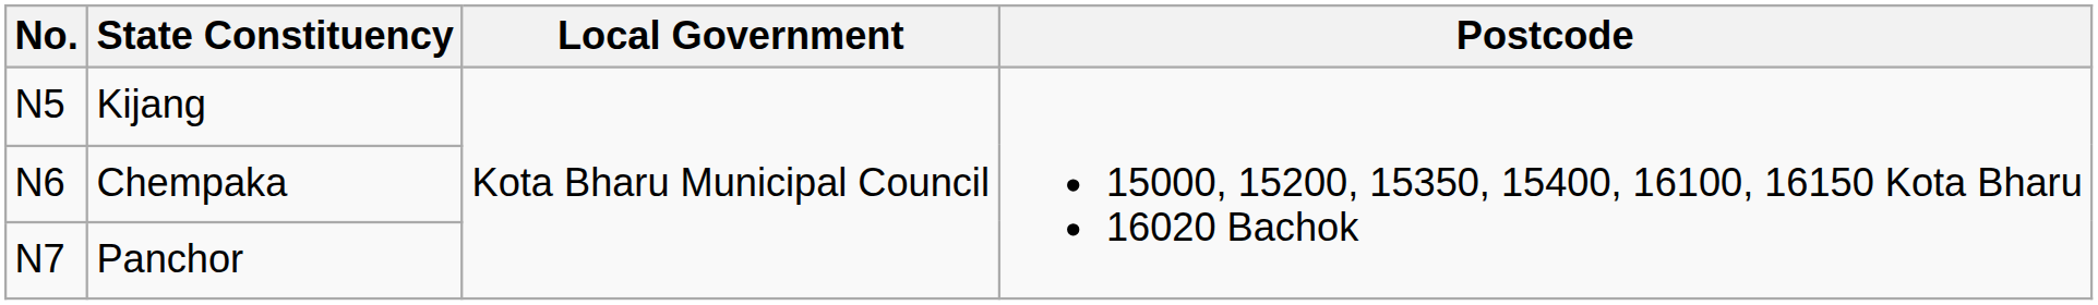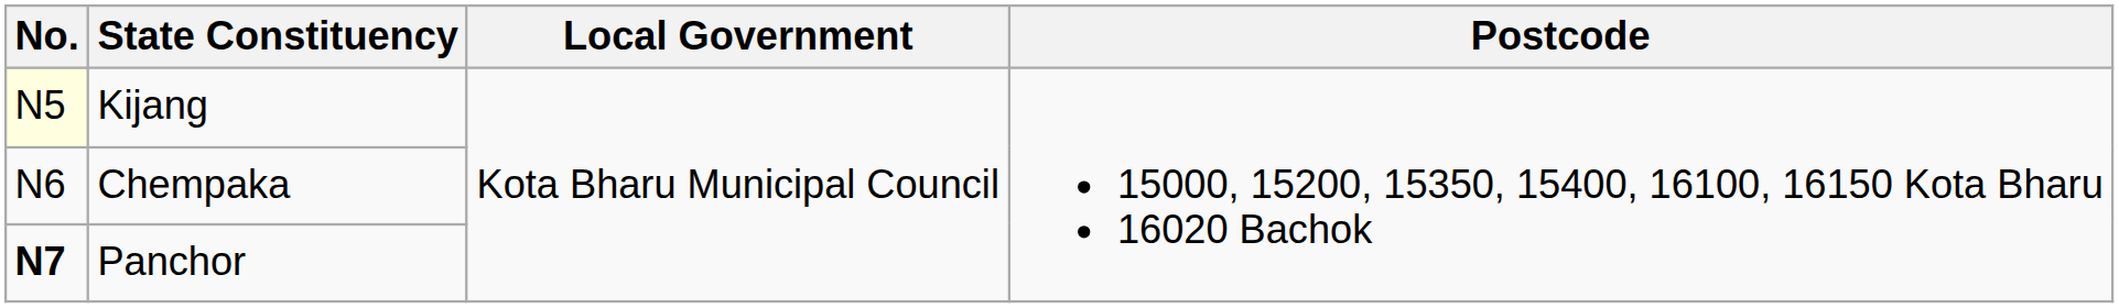 <table class="wikitable">
 <tr>
 <th>No.</th>
 <th>State Constituency</th>
 <th>Local Government</th>
 <th>Postcode</th>
 </tr>
 <tr>
-<td>N5</td>
+<td style="background: lightyellow;">N5</td>
 <td>Kijang</td>
 <td rowspan="3">Kota Bharu Municipal Council</td>
 <td rowspan="3"><br><ul><li>15000, 15200, 15350, 15400, 16100, 16150 Kota Bharu</li><li>16020 Bachok</li></ul></td>
 </tr>
 <tr>
 <td>N6</td>
 <td>Chempaka</td>
 </tr>
 <tr>
-<td>N7</td>
+<td><strong>N7</strong></td>
 <td>Panchor</td>
 </tr>
 </table>
